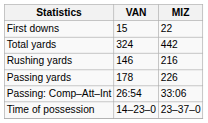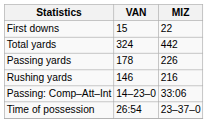 <table class="wikitable" style="float: left;">
 <tr>
 <th>Statistics</th>
 <th>VAN</th>
 <th>MIZ</th>
 </tr>
 <tr>
 <td>First downs</td>
 <td>15</td>
 <td>22</td>
 </tr>
 <tr>
 <td>Total yards</td>
 <td>324</td>
 <td>442</td>
 </tr>
 <tr>
+<td>Passing yards</td>
+<td>178</td>
+<td>226</td>
+</tr>
+<tr>
 <td>Rushing yards</td>
 <td>146</td>
 <td>216</td>
 </tr>
 <tr>
-<td>Passing yards</td>
-<td>178</td>
-<td>226</td>
-</tr>
-<tr>
 <td>Passing: Comp–Att–Int</td>
-<td>26:54</td>
+<td>14–23–0</td>
 <td>33:06</td>
 </tr>
 <tr>
 <td>Time of possession</td>
-<td>14–23–0</td>
+<td>26:54</td>
 <td>23–37–0</td>
 </tr>
 <tr>
 </tr>
 </table>
